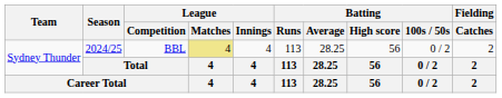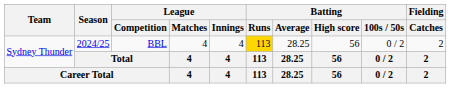 <table class="wikitable" style="text-align:right;">
 <tr>
 <th rowspan="2">Team</th>
 <th rowspan="2">Season</th>
 <th colspan="3">League</th>
 <th colspan="4">Batting</th>
 <th colspan="1">Fielding</th>
 </tr>
 <tr>
 <th>Competition</th>
 <th>Matches</th>
 <th>Innings</th>
 <th>Runs</th>
 <th>Average</th>
 <th>High score</th>
 <th>100s / 50s</th>
 <th>Catches</th>
 </tr>
 <tr>
 <td rowspan="2"><a href='#'>Sydney Thunder</a></td>
 <td><a href='#'>2024/25</a></td>
 <td><a href='#'>BBL</a></td>
-<td style="background: khaki;">4</td>
 <td>4</td>
-<td>113</td>
+<td>4</td>
+<td style="background: gold;">113</td>
 <td>28.25</td>
 <td>56</td>
 <td>0 / 2</td>
 <td>2</td>
 </tr>
 <tr>
 <th colspan="2">Total</th>
 <th>4</th>
 <th>4</th>
 <th>113</th>
 <th>28.25</th>
 <th>56</th>
 <th>0 / 2</th>
 <th>2</th>
 </tr>
 <tr>
 <th colspan="3">Career Total</th>
 <th>4</th>
 <th>4</th>
 <th>113</th>
 <th>28.25</th>
 <th>56</th>
 <th>0 / 2</th>
 <th>2</th>
 </tr>
 </table>
